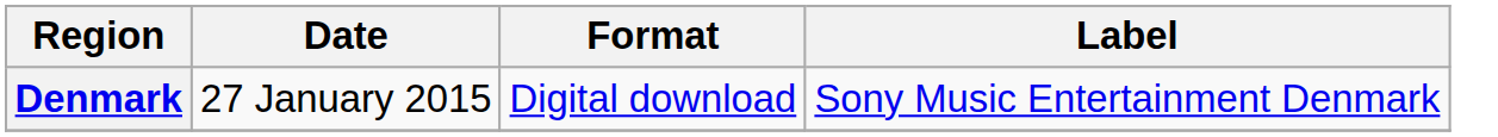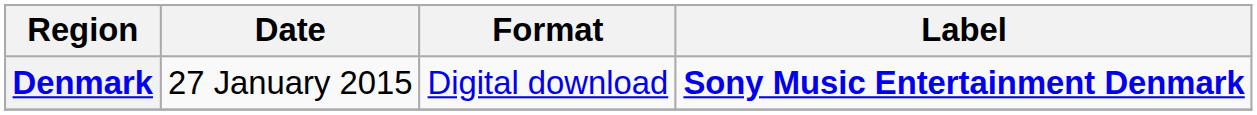 <table class="wikitable plainrowheaders">
 <tr>
 <th scope="col">Region</th>
 <th scope="col">Date</th>
 <th scope="col">Format</th>
 <th scope="col">Label</th>
 </tr>
 <tr>
 <th scope="row"><a href='#'>Denmark</a></th>
 <td>27 January 2015</td>
 <td><a href='#'>Digital download</a></td>
-<td><a href='#'>Sony Music Entertainment Denmark</a></td>
+<td><strong><a href='#'>Sony Music Entertainment Denmark</a></strong></td>
 </tr>
 <tr>
 </tr>
 </table>
